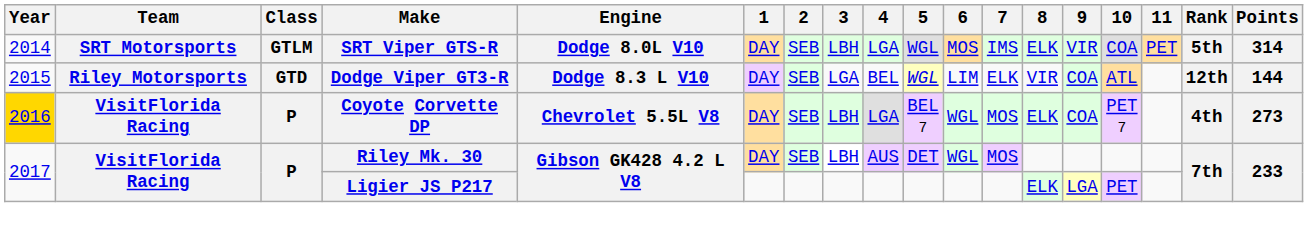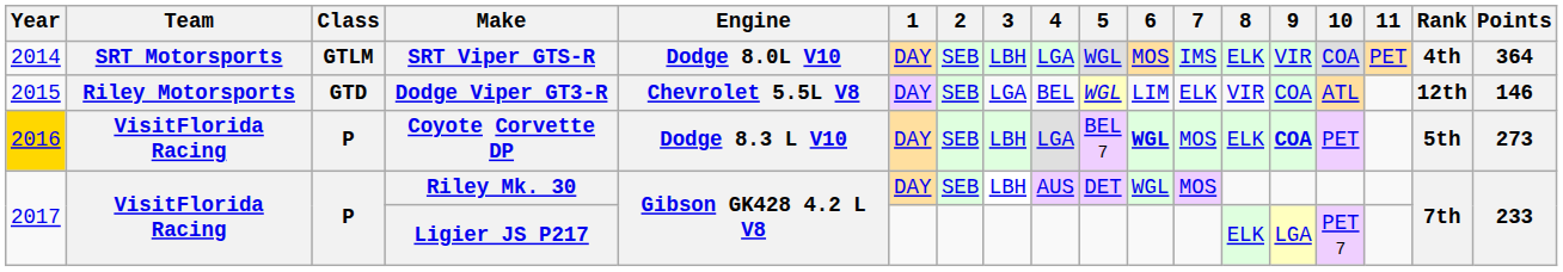 <table class="wikitable" style="text-align:center; font-size:90%">
 <tr>
 <th>Year</th>
 <th>Team</th>
 <th>Class</th>
 <th>Make</th>
 <th>Engine</th>
 <th>1</th>
 <th>2</th>
 <th>3</th>
 <th>4</th>
 <th>5</th>
 <th>6</th>
 <th>7</th>
 <th>8</th>
 <th>9</th>
 <th>10</th>
 <th>11</th>
 <th>Rank</th>
 <th>Points</th>
 </tr>
 <tr>
 <td><a href='#'>2014</a></td>
 <th><a href='#'>SRT Motorsports</a></th>
 <th>GTLM</th>
 <th><a href='#'>SRT Viper GTS-R</a></th>
 <th><a href='#'>Dodge</a> 8.0L <a href='#'>V10</a></th>
 <td style="background:#ffdf9f;"><a href='#'>DAY</a><br></td>
 <td style="background:#dfffdf;"><a href='#'>SEB</a><br></td>
 <td style="background:#dfffdf;"><a href='#'>LBH</a><br></td>
 <td style="background:#dfffdf;"><a href='#'>LGA</a><br></td>
 <td style="background:#dfdfdf;"><a href='#'>WGL</a><br></td>
 <td style="background:#ffdf9f;"><a href='#'>MOS</a><br></td>
 <td style="background:#dfffdf;"><a href='#'>IMS</a><br></td>
 <td style="background:#dfffdf;"><a href='#'>ELK</a><br></td>
 <td style="background:#dfffdf;"><a href='#'>VIR</a><br></td>
 <td style="background:#dfdfdf;"><a href='#'>COA</a><br></td>
 <td style="background:#ffdf9f;"><a href='#'>PET</a><br></td>
-<th>5th</th>
-<th>314</th>
+<th>4th</th>
+<th>364</th>
 </tr>
 <tr>
 <td><a href='#'>2015</a></td>
 <th><a href='#'>Riley Motorsports</a></th>
 <th>GTD</th>
 <th><a href='#'>Dodge Viper GT3-R</a></th>
-<th><a href='#'>Dodge</a> 8.3 L <a href='#'>V10</a></th>
+<th><a href='#'>Chevrolet</a> 5.5L <a href='#'>V8</a></th>
 <td style="background:#efcfff;"><a href='#'>DAY</a><br></td>
 <td style="background:#dfffdf;"><a href='#'>SEB</a><br></td>
 <td><a href='#'>LGA</a></td>
 <td><a href='#'>BEL</a></td>
 <td style="background:#ffffbf;"><em><a href='#'>WGL</a><br></em></td>
 <td><a href='#'>LIM</a></td>
 <td><a href='#'>ELK</a></td>
 <td><a href='#'>VIR</a></td>
 <td style="background:#dfffdf;"><a href='#'>COA</a><br></td>
 <td style="background:#ffdf9f;"><a href='#'>ATL</a><br></td>
 <td></td>
 <th>12th</th>
-<th>144</th>
+<th>146</th>
 </tr>
 <tr>
 <td style="background: gold;"><a href='#'>2016</a></td>
 <th><a href='#'>VisitFlorida Racing</a></th>
 <th>P</th>
 <th><a href='#'>Coyote</a> <a href='#'>Corvette DP</a></th>
-<th><a href='#'>Chevrolet</a> 5.5L <a href='#'>V8</a></th>
+<th><a href='#'>Dodge</a> 8.3 L <a href='#'>V10</a></th>
 <td style="background:#ffdf9f;"><a href='#'>DAY</a><br></td>
 <td style="background:#dfffdf;"><a href='#'>SEB</a><br></td>
 <td style="background:#dfffdf;"><a href='#'>LBH</a><br></td>
 <td style="background:#dfdfdf;"><a href='#'>LGA</a><br></td>
 <td style="background:#efcfff;"><a href='#'>BEL</a><br><small>7</small></td>
-<td style="background:#dfffdf;"><a href='#'>WGL</a><br></td>
+<td style="background:#dfffdf;"><strong><a href='#'>WGL</a><br></strong></td>
 <td style="background:#dfffdf;"><a href='#'>MOS</a><br></td>
 <td style="background:#dfffdf;"><a href='#'>ELK</a><br></td>
-<td style="background:#dfffdf;"><a href='#'>COA</a><br></td>
-<td style="background:#efcfff;"><a href='#'>PET</a><br><small>7</small></td>
+<td style="background:#dfffdf;"><strong><a href='#'>COA</a><br></strong></td>
+<td style="background:#efcfff;"><a href='#'>PET</a><br></td>
 <td></td>
-<th>4th</th>
+<th>5th</th>
 <th>273</th>
 </tr>
 <tr>
 <td rowspan=2><a href='#'>2017</a></td>
 <th rowspan=2><a href='#'>VisitFlorida Racing</a></th>
 <th rowspan=2>P</th>
 <th><a href='#'>Riley Mk. 30</a></th>
 <th rowspan=2><a href='#'>Gibson</a> GK428 4.2 L <a href='#'>V8</a></th>
 <td style="background:#ffdf9f;"><a href='#'>DAY</a><br></td>
 <td style="background:#dfffdf;"><a href='#'>SEB</a><br></td>
 <td style="background:#ffffff;"><a href='#'>LBH</a><br></td>
 <td style="background:#efcfff;"><a href='#'>AUS</a><br></td>
 <td style="background:#efcfff;"><a href='#'>DET</a><br></td>
 <td style="background:#dfffdf;"><a href='#'>WGL</a><br></td>
 <td style="background:#efcfff;"><a href='#'>MOS</a><br></td>
 <td></td>
 <td></td>
 <td></td>
 <td></td>
 <th rowspan=2>7th</th>
 <th rowspan=2>233</th>
 </tr>
 <tr>
 <th><a href='#'>Ligier JS P217</a></th>
 <td></td>
 <td></td>
 <td></td>
 <td></td>
 <td></td>
 <td></td>
 <td></td>
 <td style="background:#dfffdf;"><a href='#'>ELK</a><br></td>
 <td style="background:#ffffbf;"><a href='#'>LGA</a><br></td>
-<td style="background:#efcfff;"><a href='#'>PET</a><br></td>
+<td style="background:#efcfff;"><a href='#'>PET</a><br><small>7</small></td>
 </tr>
 </table>
